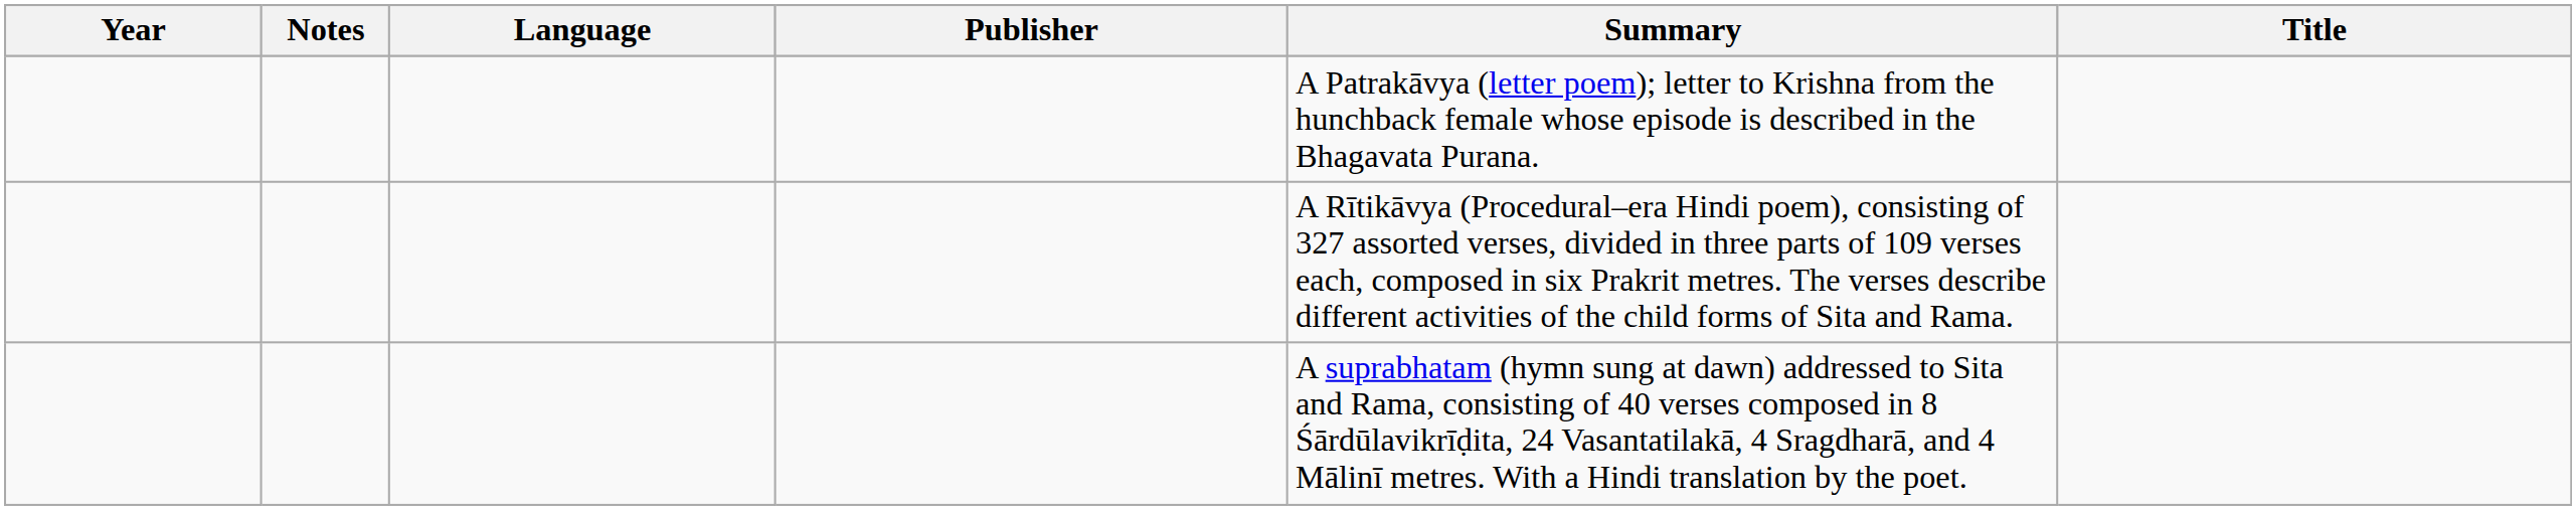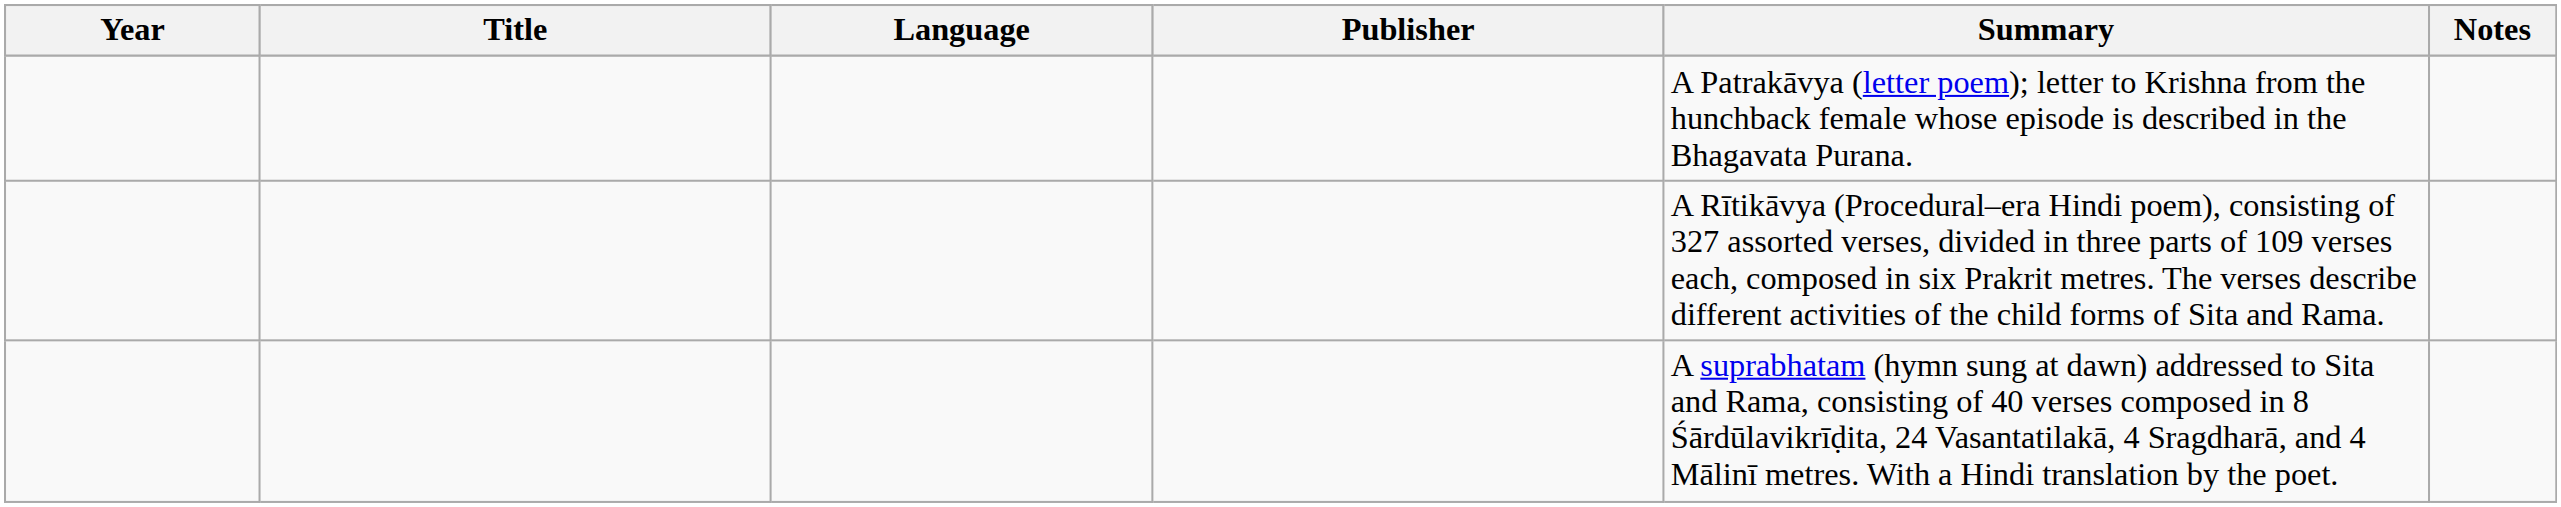 <table class="wikitable sortable" align="center" cellpadding="7" style="clear:both;" width="100%">
 <tr align="center" bgcolor="#696969">
 <th scope="col" width="10%"><div>Year</div></th>
-<th scope="col" align="center" width="5%">Notes</th>
+<th scope="col" width="20%"><div>Title</div></th>
 <th scope="col" width="15%"><div>Language</div></th>
 <th scope="col" width="20%"><div>Publisher</div></th>
 <th scope="col" align="center" width="30%">Summary</th>
-<th scope="col" width="20%"><div>Title</div></th>
+<th scope="col" align="center" width="5%">Notes</th>
 </tr>
 <tr valign="top">
 <td></td>
 <td></td>
 <td></td>
 <td></td>
 <td>A Patrakāvya (<a href='#'>letter poem</a>); letter to Krishna from the hunchback female whose episode is described in the Bhagavata Purana.</td>
 <td></td>
 </tr>
 <tr valign="top">
 <td width="10%"></td>
 <td></td>
 <td></td>
 <td></td>
 <td>A Rītikāvya (Procedural–era Hindi poem), consisting of 327 assorted verses, divided in three parts of 109 verses each, composed in six Prakrit metres. The verses describe different activities of the child forms of Sita and Rama.</td>
 <td></td>
 </tr>
 <tr valign="top">
 <td></td>
 <td></td>
 <td></td>
 <td></td>
 <td>A <a href='#'>suprabhatam</a> (hymn sung at dawn) addressed to Sita and Rama, consisting of 40 verses composed in 8 Śārdūlavikrīḍita, 24 Vasantatilakā, 4 Sragdharā, and 4 Mālinī metres. With a Hindi translation by the poet.</td>
 <td></td>
 </tr>
 </table>
